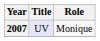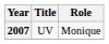 <table class="wikitable plainrowheaders" style="text-align:center;">
 <tr>
 <th scope="col">Year</th>
 <th scope="col">Title</th>
 <th scope="col">Role</th>
 </tr>
 <tr>
 <th scope="row">2007</th>
-<td style="background: lavender;">UV</td>
+<td>UV</td>
 <td>Monique</td>
 </tr>
 <tr>
 </tr>
 </table>
